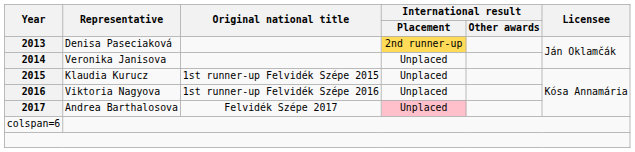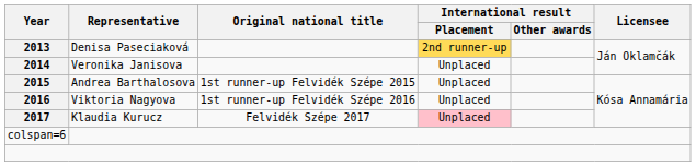 <table class="wikitable" style="font-size:95%;">
 <tr>
 <th rowspan=2>Year</th>
 <th rowspan=2>Representative</th>
 <th rowspan=2>Original national title</th>
 <th colspan=2>International result</th>
 <th rowspan=2>Licensee</th>
 </tr>
 <tr>
 <th width=100px>Placement</th>
 <th>Other awards</th>
 </tr>
 <tr>
 <th><strong>2013</strong></th>
 <td>Denisa Paseciaková</td>
 <td></td>
 <td bgcolor=#FFDB58 align=center>2nd runner-up</td>
 <td></td>
 <td rowspan=2>Ján Oklamčák</td>
 </tr>
 <tr>
 <th>2014</th>
 <td>Veronika Janisova</td>
 <td></td>
 <td align=center>Unplaced</td>
 <td></td>
 </tr>
 <tr>
 <th>2015</th>
-<td>Klaudia Kurucz</td>
+<td>Andrea Barthalosova</td>
 <td align=center>1st runner-up Felvidék Szépe 2015</td>
 <td align=center>Unplaced</td>
 <td></td>
 <td rowspan=3>Kósa Annamária</td>
 </tr>
 <tr>
 <th>2016</th>
 <td>Viktoria Nagyova</td>
 <td align=center>1st runner-up Felvidék Szépe 2016</td>
 <td align=center>Unplaced</td>
 <td></td>
 </tr>
 <tr>
 <th>2017</th>
-<td>Andrea Barthalosova</td>
+<td>Klaudia Kurucz</td>
 <td align=center>Felvidék Szépe 2017</td>
 <td align=center style="background: pink;">Unplaced</td>
 <td></td>
 </tr>
 <tr>
 <td>colspan=6 </td>
 </tr>
 <tr>
 <td colspan="6"><br></td>
 </tr>
 </table>
